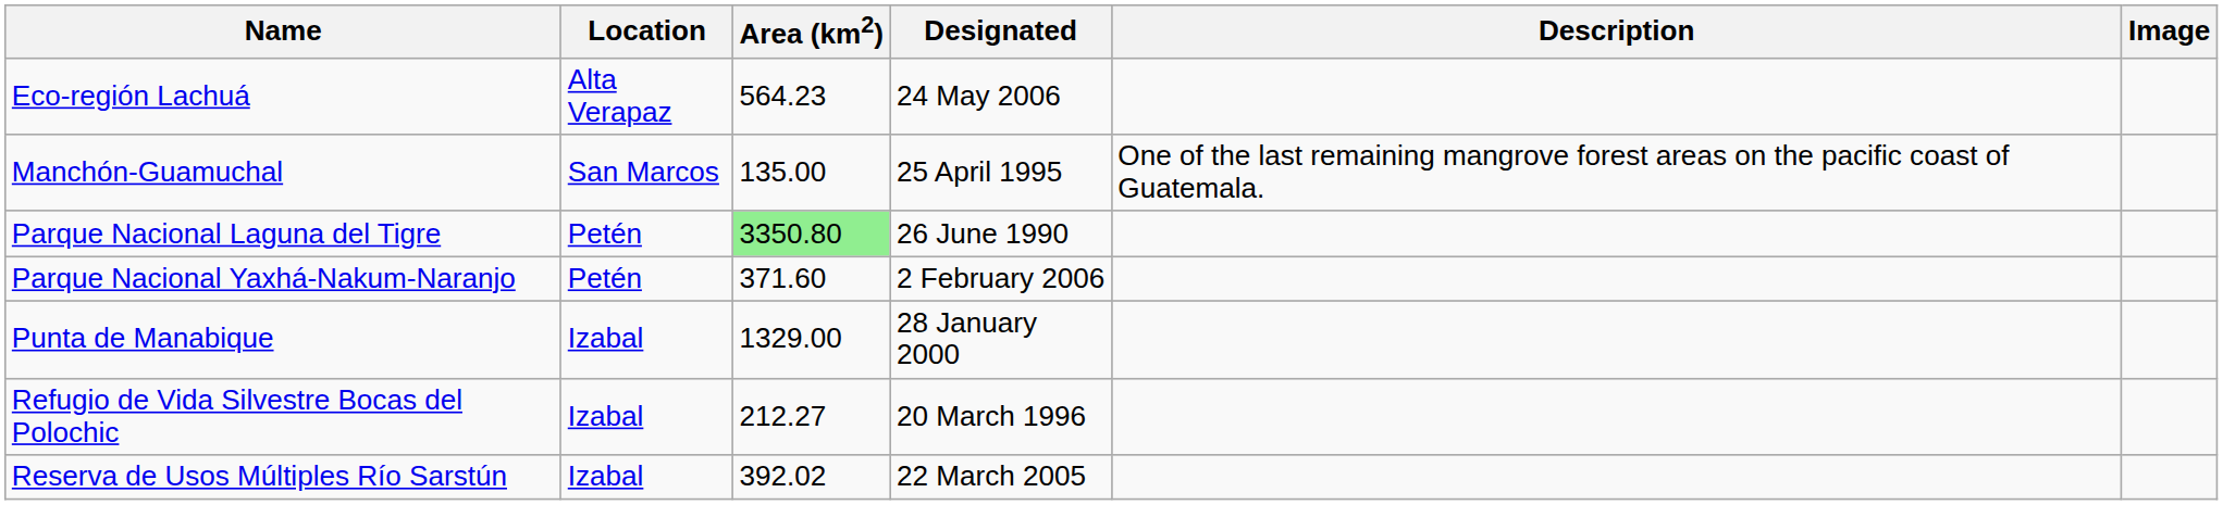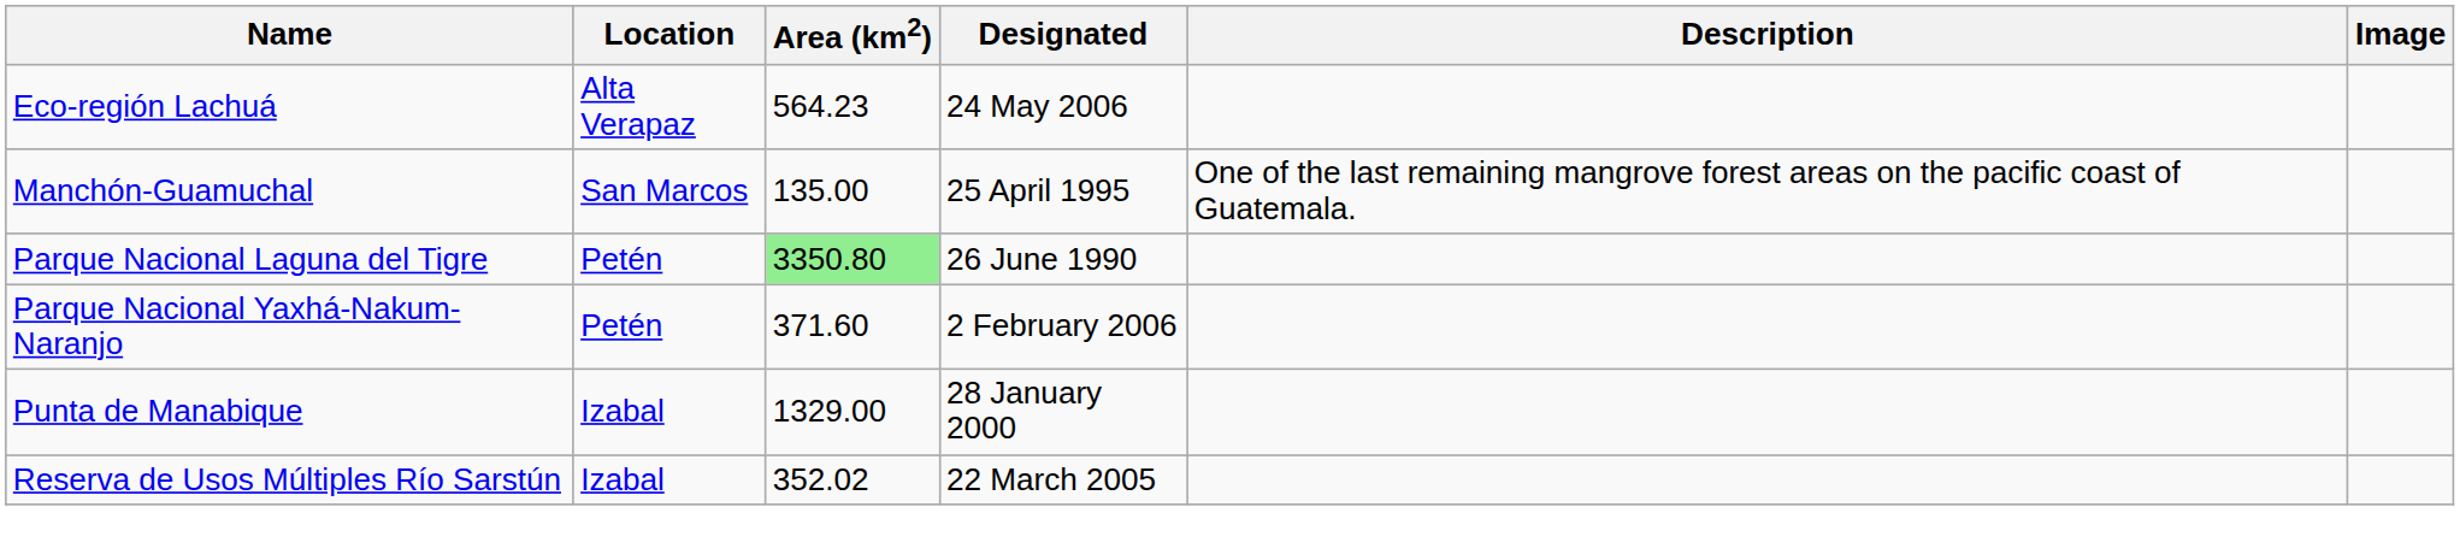 <table class="wikitable sortable">
 <tr>
 <th style="background-color:">Name</th>
 <th style="background-color:">Location</th>
 <th style="background-color:">Area (km<sup>2</sup>)</th>
 <th style="background-color:">Designated</th>
 <th style="background-color:">Description</th>
 <th style="background-color:">Image</th>
 </tr>
 <tr>
 <td><a href='#'>Eco-región Lachuá</a></td>
 <td><a href='#'>Alta Verapaz</a><br><small></small></td>
 <td>564.23</td>
 <td>24 May 2006</td>
 <td></td>
 <td></td>
 </tr>
 <tr>
 <td><a href='#'>Manchón-Guamuchal</a></td>
 <td><a href='#'>San Marcos</a><br><small></small></td>
 <td>135.00</td>
 <td>25 April 1995</td>
 <td>One of the last remaining mangrove forest areas on the pacific coast of Guatemala.</td>
 <td></td>
 </tr>
 <tr>
 <td><a href='#'>Parque Nacional Laguna del Tigre</a></td>
 <td><a href='#'>Petén</a><br><small></small></td>
 <td style="background: lightgreen;">3350.80</td>
 <td>26 June 1990</td>
 <td></td>
 <td></td>
 </tr>
 <tr>
 <td><a href='#'>Parque Nacional Yaxhá-Nakum-Naranjo</a></td>
 <td><a href='#'>Petén</a><br><small></small></td>
 <td>371.60</td>
 <td>2 February 2006</td>
 <td></td>
 <td></td>
 </tr>
 <tr>
 <td><a href='#'>Punta de Manabique</a></td>
 <td><a href='#'>Izabal</a><br><small></small></td>
 <td>1329.00</td>
 <td>28 January 2000</td>
 <td></td>
 <td></td>
 </tr>
 <tr>
-<td><a href='#'>Refugio de Vida Silvestre Bocas del Polochic</a></td>
-<td><a href='#'>Izabal</a><br><small></small></td>
-<td>212.27</td>
-<td>20 March 1996</td>
-<td></td>
-<td></td>
-</tr>
-<tr>
 <td><a href='#'>Reserva de Usos Múltiples Río Sarstún</a></td>
 <td><a href='#'>Izabal</a><br><small></small></td>
-<td>392.02</td>
+<td>352.02</td>
 <td>22 March 2005</td>
 <td></td>
 <td></td>
 </tr>
 </table>
